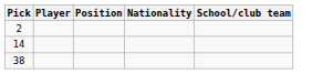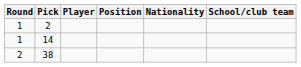 <table class="wikitable sortable sortable" style="text-align: center">
 <tr>
+<th>Round</th>
 <th>Pick</th>
 <th>Player</th>
 <th>Position</th>
 <th>Nationality</th>
 <th>School/club team</th>
 </tr>
 <tr style="text-align: center">
+<td>1</td>
 <td>2</td>
 <td></td>
 <td></td>
 <td></td>
 <td></td>
 </tr>
 <tr style="text-align: center">
+<td>1</td>
 <td>14</td>
 <td></td>
 <td></td>
 <td></td>
 <td></td>
 </tr>
 <tr style="text-align: center">
+<td>2</td>
 <td>38</td>
 <td></td>
 <td></td>
 <td></td>
 <td></td>
 </tr>
 </table>
